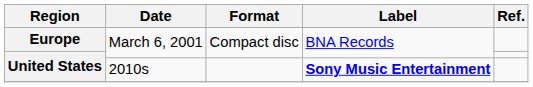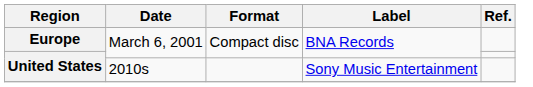 <table class="wikitable plainrowheaders">
 <tr>
 <th scope="col">Region</th>
 <th scope="col">Date</th>
 <th scope="col">Format</th>
 <th scope="col">Label</th>
 <th scope="col">Ref.</th>
 </tr>
 <tr>
 <th scope="row">Europe</th>
 <td rowspan="2">March 6, 2001</td>
 <td rowspan="2">Compact disc</td>
 <td rowspan="2"><a href='#'>BNA Records</a></td>
 <td></td>
 </tr>
 <tr>
 <th scope="row" rowspan="2">United States</th>
 <td></td>
 </tr>
 <tr>
 <td>2010s</td>
 <td></td>
-<td><strong><a href='#'>Sony Music Entertainment</a></strong></td>
+<td><a href='#'>Sony Music Entertainment</a></td>
 <td></td>
 </tr>
 <tr>
 </tr>
 </table>
